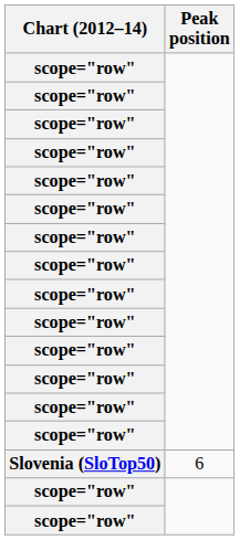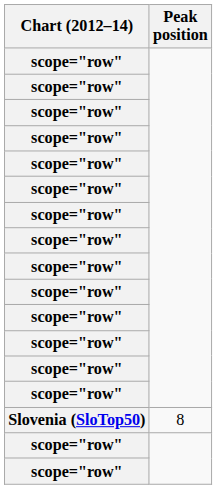 <table class="wikitable sortable plainrowheaders" style="text-align:center;">
 <tr>
 <th scope="col">Chart (2012–14)</th>
 <th scope="col">Peak<br>position</th>
 </tr>
 <tr>
 <th>scope="row"</th>
 </tr>
 <tr>
 <th>scope="row"</th>
 </tr>
 <tr>
 <th>scope="row"</th>
 </tr>
 <tr>
 <th>scope="row"</th>
 </tr>
 <tr>
 <th>scope="row"</th>
 </tr>
 <tr>
 <th>scope="row"</th>
 </tr>
 <tr>
 <th>scope="row"</th>
 </tr>
 <tr>
 <th>scope="row"</th>
 </tr>
 <tr>
 <th>scope="row"</th>
 </tr>
 <tr>
 <th>scope="row"</th>
 </tr>
 <tr>
 <th>scope="row"</th>
 </tr>
 <tr>
 <th>scope="row"</th>
 </tr>
 <tr>
 <th>scope="row"</th>
 </tr>
 <tr>
 <th>scope="row"</th>
 </tr>
 <tr>
 <th scope="row">Slovenia (<a href='#'>SloTop50</a>)</th>
-<td align=center>6</td>
+<td align=center>8</td>
 </tr>
 <tr>
 <th>scope="row"</th>
 </tr>
 <tr>
 <th>scope="row"</th>
 </tr>
 </table>
